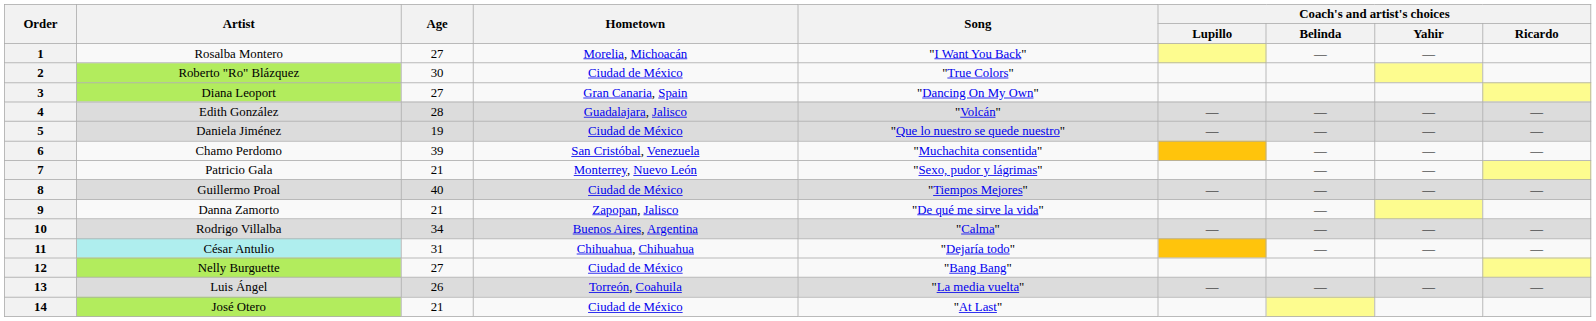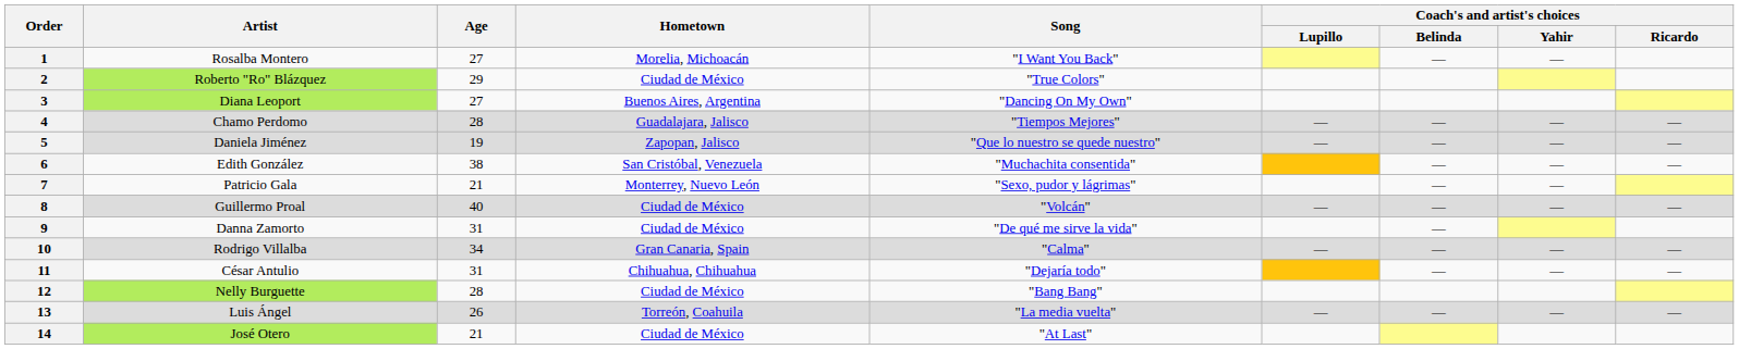 <table class="wikitable" style="text-align:center; line-height:17px; width:100%;">
 <tr>
 <th scope="col" rowspan="2" style="width:04%;">Order</th>
 <th scope="col" rowspan="2" style="width:18%;">Artist</th>
 <th scope="col" rowspan="2" style="width:04%;">Age</th>
 <th scope="col" rowspan="2" style="width:18%;">Hometown</th>
 <th scope="col" rowspan="2" style="width:20%;">Song</th>
 <th scope="col" colspan="4" style="width:24%;">Coach's and artist's choices</th>
 </tr>
 <tr>
 <th style="width:06%;">Lupillo</th>
 <th style="width:06%;">Belinda</th>
 <th style="width:06%;">Yahir</th>
 <th style="width:06%;">Ricardo</th>
 </tr>
 <tr>
 <th>1</th>
 <td>Rosalba Montero</td>
 <td>27</td>
 <td><a href='#'>Morelia</a>, <a href='#'>Michoacán</a></td>
 <td>"<a href='#'>I Want You Back</a>"</td>
 <td style="background:#fdfc8f;"><strong></strong></td>
 <td>—</td>
 <td>—</td>
 <td><strong></strong></td>
 </tr>
 <tr>
 <th>2</th>
 <td style="background:#B2EC5D;">Roberto "Ro" Blázquez</td>
-<td>30</td>
+<td>29</td>
 <td><a href='#'>Ciudad de México</a></td>
 <td>"<a href='#'>True Colors</a>"</td>
 <td><strong></strong></td>
 <td><strong></strong></td>
 <td style="background:#fdfc8f;"><strong></strong></td>
 <td><strong></strong></td>
 </tr>
 <tr>
 <th>3</th>
 <td style="background:#B2EC5D;">Diana Leoport</td>
 <td>27</td>
-<td><a href='#'>Gran Canaria</a>, <a href='#'>Spain</a></td>
+<td><a href='#'>Buenos Aires</a>, <a href='#'>Argentina</a></td>
 <td>"<a href='#'>Dancing On My Own</a>"</td>
 <td><strong></strong></td>
 <td><strong></strong></td>
 <td><strong></strong></td>
 <td style="background:#fdfc8f;"><strong></strong></td>
 </tr>
 <tr style="background:#DCDCDC;">
 <th>4</th>
-<td>Edith González</td>
+<td>Chamo Perdomo</td>
 <td>28</td>
 <td><a href='#'>Guadalajara</a>, <a href='#'>Jalisco</a></td>
-<td>"<a href='#'>Volcán</a>"</td>
+<td>"<a href='#'>Tiempos Mejores</a>"</td>
 <td>—</td>
 <td>—</td>
 <td>—</td>
 <td>—</td>
 </tr>
 <tr style="background:#DCDCDC;">
 <th>5</th>
 <td>Daniela Jiménez</td>
 <td>19</td>
-<td><a href='#'>Ciudad de México</a></td>
+<td><a href='#'>Zapopan</a>, <a href='#'>Jalisco</a></td>
 <td>"<a href='#'>Que lo nuestro se quede nuestro</a>"</td>
 <td>—</td>
 <td>—</td>
 <td>—</td>
 <td>—</td>
 </tr>
 <tr>
 <th>6</th>
-<td>Chamo Perdomo</td>
-<td>39</td>
+<td>Edith González</td>
+<td>38</td>
 <td><a href='#'>San Cristóbal</a>, <a href='#'>Venezuela</a></td>
 <td>"<a href='#'>Muchachita consentida</a>"</td>
 <td style="background:#ffc40c;"><strong></strong></td>
 <td>—</td>
 <td>—</td>
 <td>—</td>
 </tr>
 <tr>
 <th>7</th>
 <td>Patricio Gala</td>
 <td>21</td>
 <td><a href='#'>Monterrey</a>, <a href='#'>Nuevo León</a></td>
 <td>"<a href='#'>Sexo, pudor y lágrimas</a>"</td>
 <td><strong></strong></td>
 <td>—</td>
 <td>—</td>
 <td style="background:#fdfc8f;"><strong></strong></td>
 </tr>
 <tr style="background:#DCDCDC;">
 <th>8</th>
 <td>Guillermo Proal</td>
 <td>40</td>
 <td><a href='#'>Ciudad de México</a></td>
-<td>"<a href='#'>Tiempos Mejores</a>"</td>
+<td>"<a href='#'>Volcán</a>"</td>
 <td>—</td>
 <td>—</td>
 <td>—</td>
 <td>—</td>
 </tr>
 <tr>
 <th>9</th>
 <td>Danna Zamorto</td>
-<td>21</td>
-<td><a href='#'>Zapopan</a>, <a href='#'>Jalisco</a></td>
+<td>31</td>
+<td><a href='#'>Ciudad de México</a></td>
 <td>"<a href='#'>De qué me sirve la vida</a>"</td>
 <td><strong></strong></td>
 <td>—</td>
 <td style="background:#fdfc8f;"><strong></strong></td>
 <td><strong></strong></td>
 </tr>
 <tr style="background:#DCDCDC;">
 <th>10</th>
 <td>Rodrigo Villalba</td>
 <td>34</td>
-<td><a href='#'>Buenos Aires</a>, <a href='#'>Argentina</a></td>
+<td><a href='#'>Gran Canaria</a>, <a href='#'>Spain</a></td>
 <td>"<a href='#'>Calma</a>"</td>
 <td>—</td>
 <td>—</td>
 <td>—</td>
 <td>—</td>
 </tr>
 <tr>
 <th>11</th>
-<td style="background: paleturquoise;">César Antulio</td>
+<td>César Antulio</td>
 <td>31</td>
 <td><a href='#'>Chihuahua</a>, <a href='#'>Chihuahua</a></td>
 <td>"<a href='#'>Dejaría todo</a>"</td>
 <td style="background:#ffc40c;"><strong></strong></td>
 <td>—</td>
 <td>—</td>
 <td>—</td>
 </tr>
 <tr>
 <th>12</th>
 <td style="background:#B2EC5D;">Nelly Burguette</td>
-<td>27</td>
+<td>28</td>
 <td><a href='#'>Ciudad de México</a></td>
 <td>"<a href='#'>Bang Bang</a>"</td>
 <td><strong></strong></td>
 <td><strong></strong></td>
 <td><strong></strong></td>
 <td style="background:#fdfc8f;"><strong></strong></td>
 </tr>
 <tr style="background:#DCDCDC;">
 <th>13</th>
 <td>Luis Ángel</td>
 <td>26</td>
 <td><a href='#'>Torreón</a>, <a href='#'>Coahuila</a></td>
 <td>"<a href='#'>La media vuelta</a>"</td>
 <td>—</td>
 <td>—</td>
 <td>—</td>
 <td>—</td>
 </tr>
 <tr>
 <th>14</th>
 <td style="background:#B2EC5D;">José Otero</td>
 <td>21</td>
 <td><a href='#'>Ciudad de México</a></td>
 <td>"<a href='#'>At Last</a>"</td>
 <td><strong></strong></td>
 <td style="background:#fdfc8f;"><strong></strong></td>
 <td><strong></strong></td>
 <td><strong></strong></td>
 </tr>
 </table>
